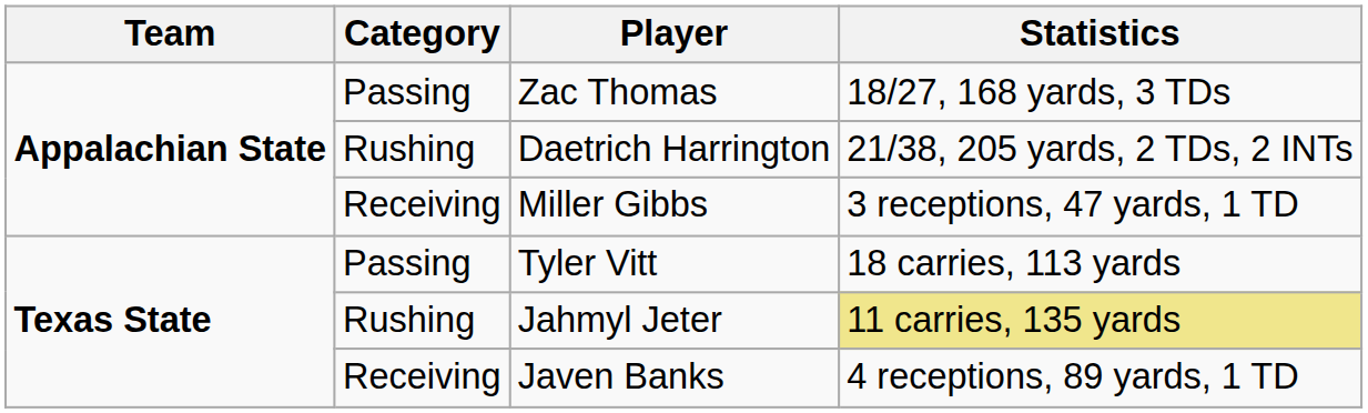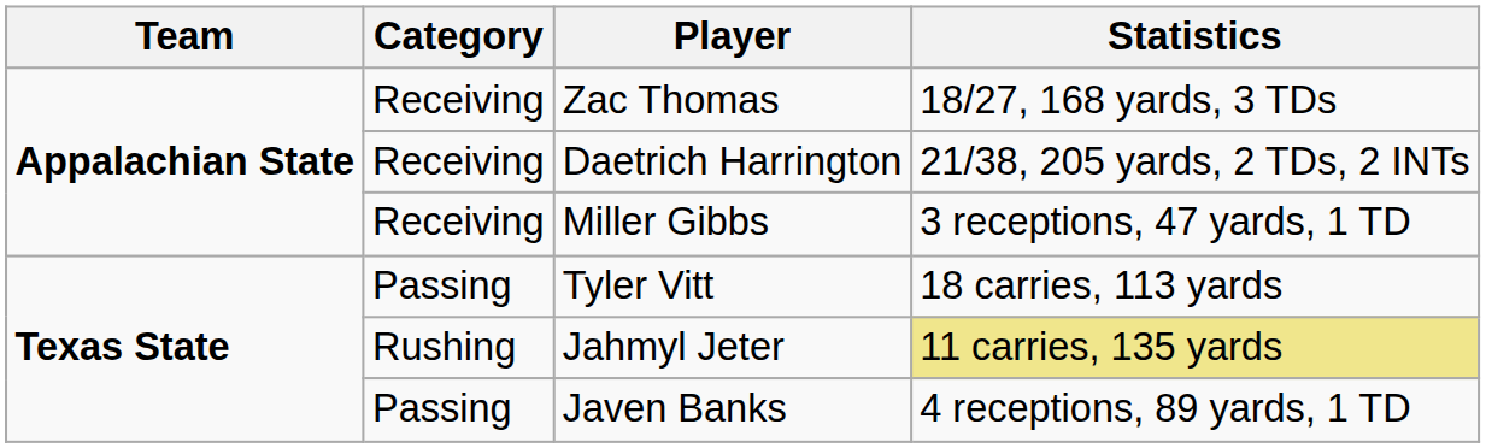 <table class="wikitable" style="float: left;">
 <tr>
 <th>Team</th>
 <th>Category</th>
 <th>Player</th>
 <th>Statistics</th>
 </tr>
 <tr>
 <td rowspan=3><strong>Appalachian State</strong></td>
-<td>Passing</td>
+<td>Receiving</td>
 <td>Zac Thomas</td>
 <td>18/27, 168 yards, 3 TDs</td>
 </tr>
 <tr>
-<td>Rushing</td>
+<td>Receiving</td>
 <td>Daetrich Harrington</td>
 <td>21/38, 205 yards, 2 TDs, 2 INTs</td>
 </tr>
 <tr>
 <td>Receiving</td>
 <td>Miller Gibbs</td>
 <td>3 receptions, 47 yards, 1 TD</td>
 </tr>
 <tr>
 <td rowspan=3><strong>Texas State</strong></td>
 <td>Passing</td>
 <td>Tyler Vitt</td>
 <td>18 carries, 113 yards</td>
 </tr>
 <tr>
 <td>Rushing</td>
 <td>Jahmyl Jeter</td>
 <td style="background: khaki;">11 carries, 135 yards</td>
 </tr>
 <tr>
-<td>Receiving</td>
+<td>Passing</td>
 <td>Javen Banks</td>
 <td>4 receptions, 89 yards, 1 TD</td>
 </tr>
 </table>
